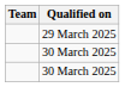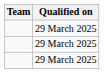 <table class="wikitable sortable">
 <tr>
 <th>Team</th>
 <th>Qualified on</th>
 </tr>
 <tr>
 <td></td>
 <td>29 March 2025</td>
 </tr>
 <tr>
 <td></td>
-<td>30 March 2025</td>
+<td>29 March 2025</td>
 </tr>
 <tr>
 <td></td>
-<td>30 March 2025</td>
+<td>29 March 2025</td>
 </tr>
 </table>
